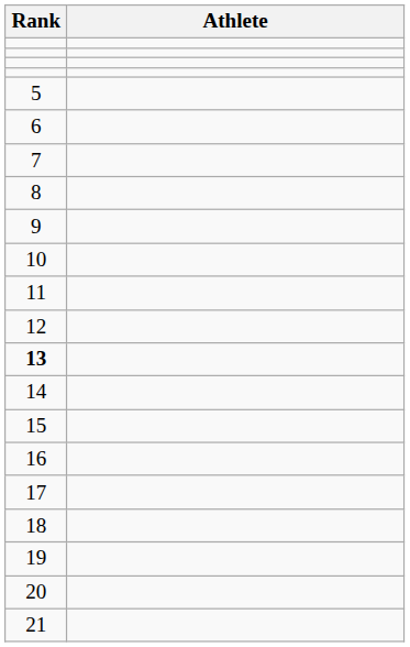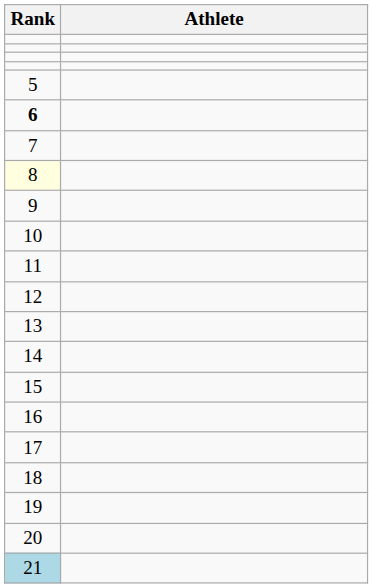 <table class="wikitable" style="text-align: center;">
 <tr>
 <th width=40>Rank</th>
 <th width=250>Athlete</th>
 </tr>
 <tr>
 <td></td>
 <td align=left></td>
 </tr>
 <tr>
 <td></td>
 <td align=left></td>
 </tr>
 <tr>
 <td></td>
 <td align=left></td>
 </tr>
 <tr>
 <td></td>
 <td align=left></td>
 </tr>
 <tr>
 <td>5</td>
 <td align=left></td>
 </tr>
 <tr>
-<td>6</td>
+<td><strong>6</strong></td>
 <td align=left></td>
 </tr>
 <tr>
 <td>7</td>
 <td align=left></td>
 </tr>
 <tr>
-<td>8</td>
+<td style="background: lightyellow;">8</td>
 <td align=left></td>
 </tr>
 <tr>
 <td>9</td>
 <td align=left></td>
 </tr>
 <tr>
 <td>10</td>
 <td align=left></td>
 </tr>
 <tr>
 <td>11</td>
 <td align=left></td>
 </tr>
 <tr>
 <td>12</td>
 <td align=left></td>
 </tr>
 <tr>
-<td><strong>13</strong></td>
+<td>13</td>
 <td align=left></td>
 </tr>
 <tr>
 <td>14</td>
 <td align=left></td>
 </tr>
 <tr>
 <td>15</td>
 <td align=left></td>
 </tr>
 <tr>
 <td>16</td>
 <td align=left></td>
 </tr>
 <tr>
 <td>17</td>
 <td align=left></td>
 </tr>
 <tr>
 <td>18</td>
 <td align=left></td>
 </tr>
 <tr>
 <td>19</td>
 <td align=left></td>
 </tr>
 <tr>
 <td>20</td>
 <td align=left></td>
 </tr>
 <tr>
-<td>21</td>
+<td style="background: lightblue;">21</td>
 <td align=left></td>
 </tr>
 </table>
